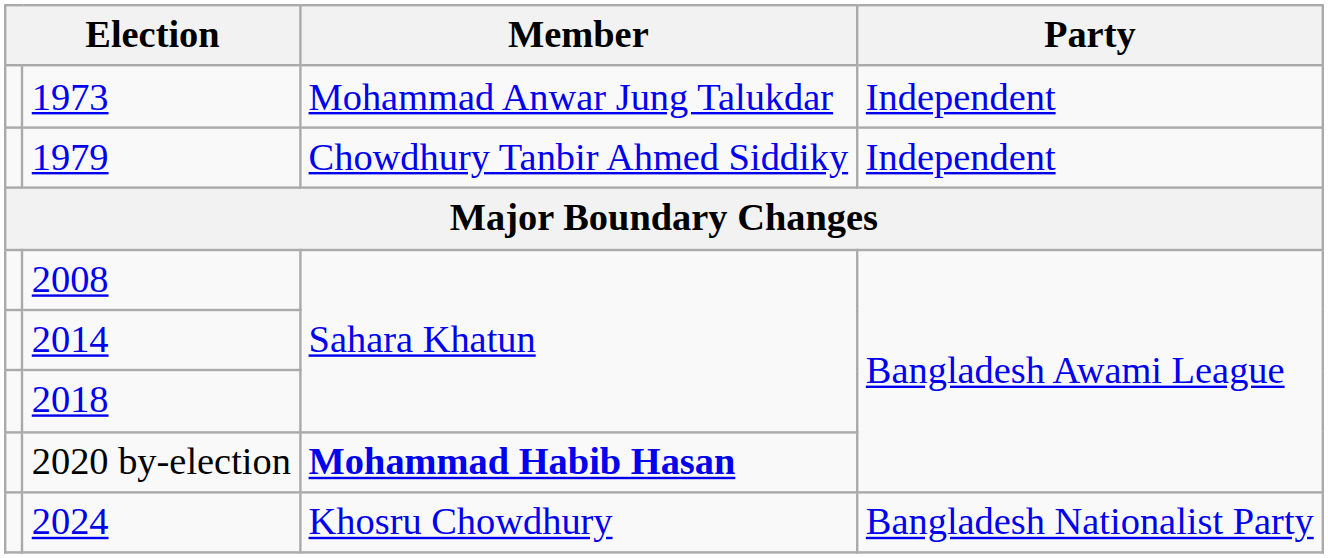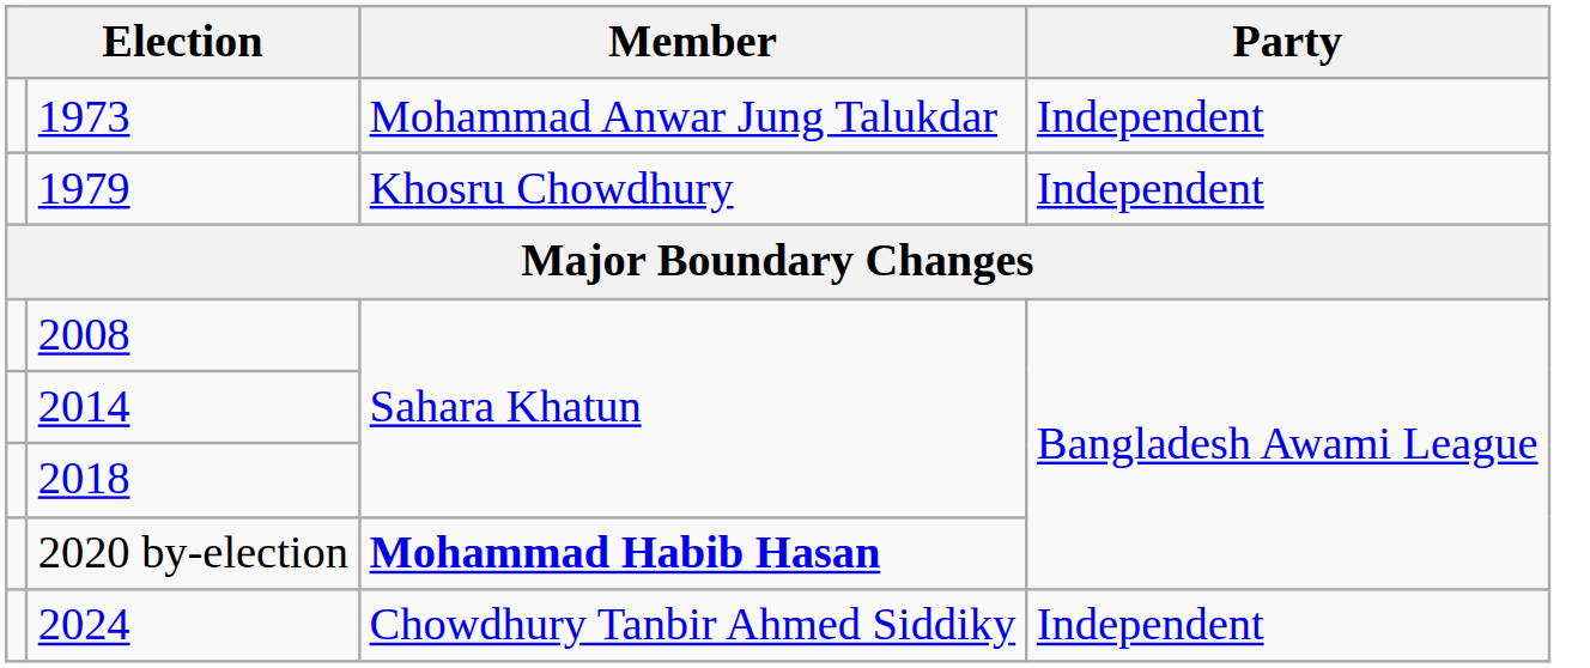 <table class="wikitable">
 <tr>
 <th colspan="2">Election</th>
 <th>Member</th>
 <th>Party</th>
 </tr>
 <tr>
 <td style="background-color:"></td>
 <td><a href='#'>1973</a></td>
 <td><a href='#'>Mohammad Anwar Jung Talukdar</a></td>
 <td><a href='#'>Independent</a></td>
 </tr>
 <tr>
 <td style="background-color:"></td>
 <td><a href='#'>1979</a></td>
-<td><a href='#'>Chowdhury Tanbir Ahmed Siddiky</a></td>
+<td><a href='#'>Khosru Chowdhury</a></td>
 <td><a href='#'>Independent</a></td>
 </tr>
 <tr>
 <th colspan="4">Major Boundary Changes</th>
 </tr>
 <tr>
 <td style="background-color:"></td>
 <td><a href='#'>2008</a></td>
 <td rowspan="3"><a href='#'>Sahara Khatun</a></td>
 <td rowspan="4"><a href='#'>Bangladesh Awami League</a></td>
 </tr>
 <tr>
 <td style="background-color:"></td>
 <td><a href='#'>2014</a></td>
 </tr>
 <tr>
 <td style="background-color:"></td>
 <td><a href='#'>2018</a></td>
 </tr>
 <tr>
 <td style="background-color:"></td>
 <td>2020 by-election</td>
 <td><strong><a href='#'>Mohammad Habib Hasan</a></strong></td>
 </tr>
 <tr>
 <td style="background-color:"></td>
 <td><a href='#'>2024</a></td>
-<td><a href='#'>Khosru Chowdhury</a></td>
-<td><a href='#'>Bangladesh Nationalist Party</a></td>
+<td><a href='#'>Chowdhury Tanbir Ahmed Siddiky</a></td>
+<td><a href='#'>Independent</a></td>
 </tr>
 </table>
